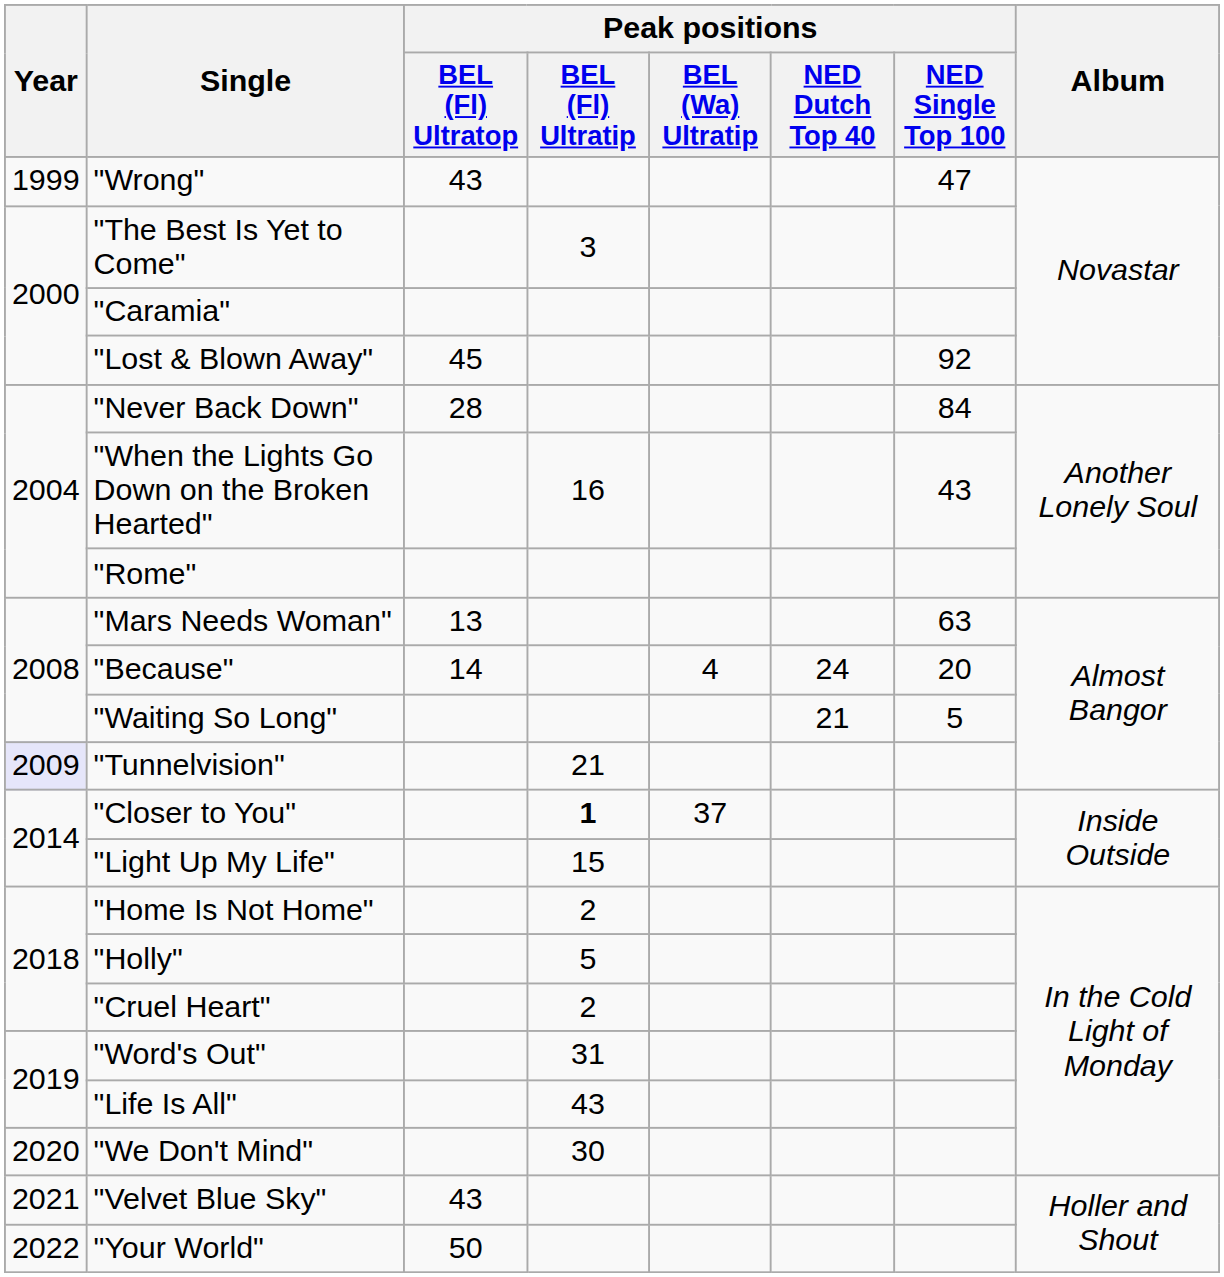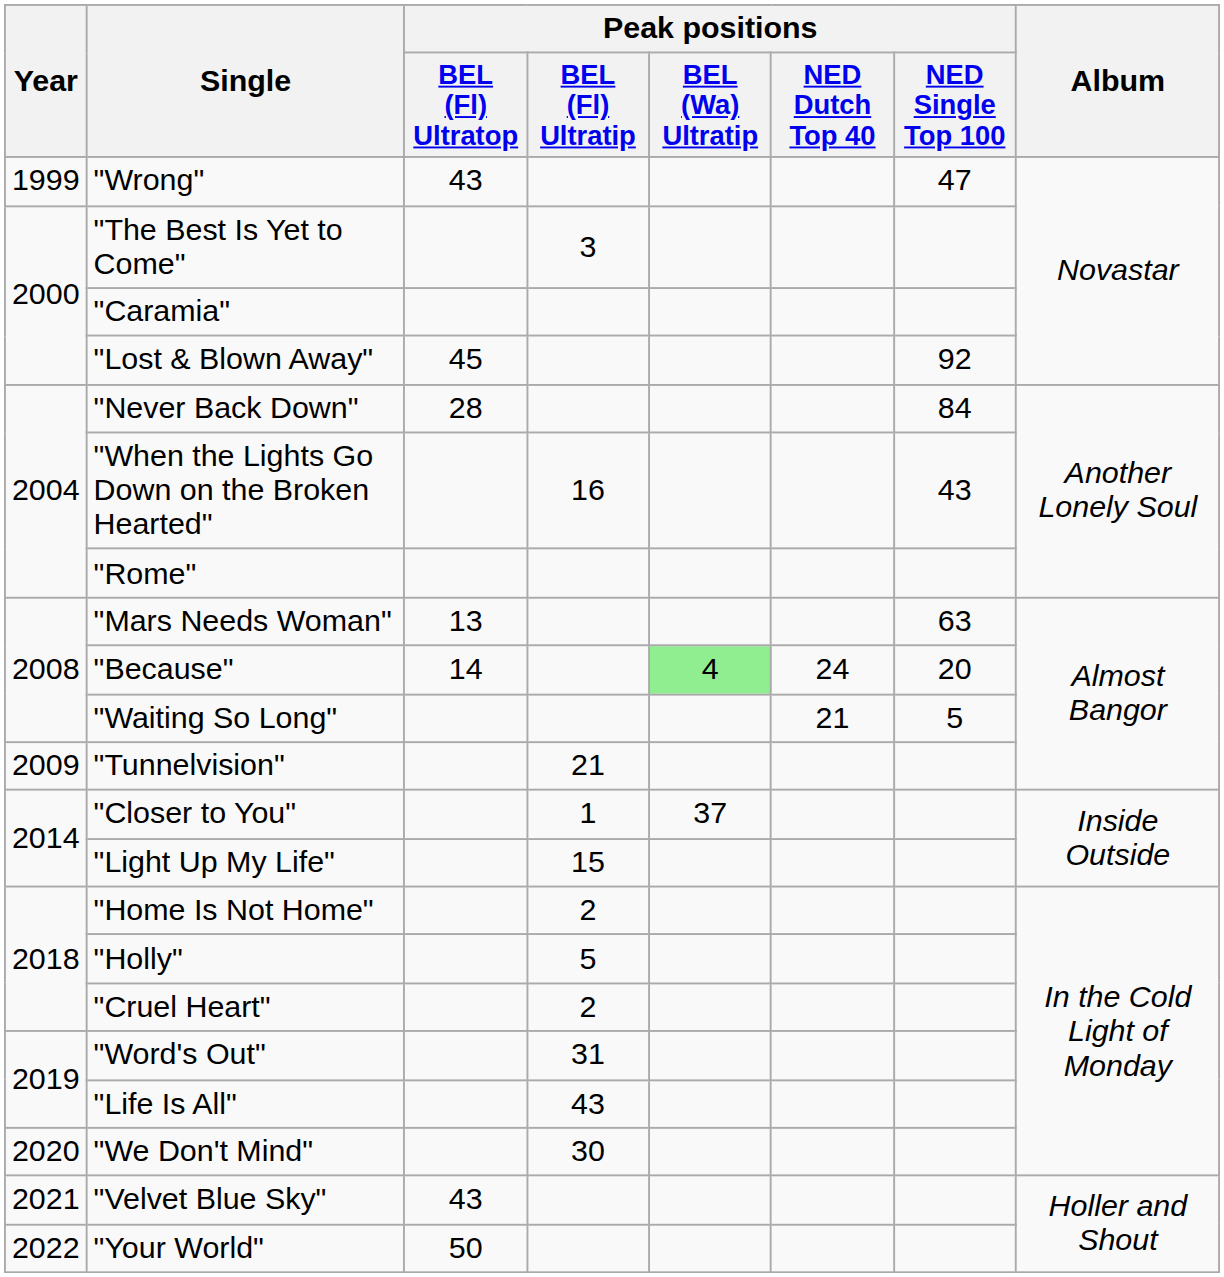 <table class="wikitable">
 <tr>
 <th align="center" rowspan="2" width="10">Year</th>
 <th align="center" rowspan="2" width="160">Single</th>
 <th align="center" colspan="5" width="20">Peak positions</th>
 <th align="center" rowspan="2" width="100">Album</th>
 </tr>
 <tr>
 <th scope="col" style="width:4em;font-size:90%;"><a href='#'>BEL<br>(Fl)<br>Ultratop</a><br></th>
 <th scope="col" style="width:4em;font-size:90%;"><a href='#'>BEL<br>(Fl)<br>Ultratip</a><br></th>
 <th scope="col" style="width:4em;font-size:90%;"><a href='#'>BEL<br>(Wa)<br>Ultratip</a></th>
 <th scope="col" style="width:4em;font-size:90%;"><a href='#'>NED<br>Dutch<br>Top 40</a></th>
 <th scope="col" style="width:4em;font-size:90%;"><a href='#'>NED<br>Single<br>Top 100</a><br></th>
 </tr>
 <tr>
 <td>1999</td>
 <td>"Wrong"</td>
 <td style="text-align:center;">43</td>
 <td style="text-align:center;"></td>
 <td style="text-align:center;"></td>
 <td style="text-align:center;"></td>
 <td style="text-align:center;">47</td>
 <td style="text-align:center;" rowspan=4><em>Novastar</em></td>
 </tr>
 <tr>
 <td rowspan=3>2000</td>
 <td>"The Best Is Yet to Come"</td>
 <td style="text-align:center;"></td>
 <td style="text-align:center;">3</td>
 <td style="text-align:center;"></td>
 <td style="text-align:center;"></td>
 <td style="text-align:center;"></td>
 </tr>
 <tr>
 <td>"Caramia"</td>
 <td style="text-align:center;"></td>
 <td style="text-align:center;"></td>
 <td style="text-align:center;"></td>
 <td style="text-align:center;"></td>
 <td style="text-align:center;"></td>
 </tr>
 <tr>
 <td>"Lost & Blown Away"</td>
 <td style="text-align:center;">45</td>
 <td style="text-align:center;"></td>
 <td style="text-align:center;"></td>
 <td style="text-align:center;"></td>
 <td style="text-align:center;">92</td>
 </tr>
 <tr>
 <td rowspan=3>2004</td>
 <td>"Never Back Down"</td>
 <td style="text-align:center;">28</td>
 <td style="text-align:center;"></td>
 <td style="text-align:center;"></td>
 <td style="text-align:center;"></td>
 <td style="text-align:center;">84</td>
 <td style="text-align:center;" rowspan=3><em>Another Lonely Soul</em></td>
 </tr>
 <tr>
 <td>"When the Lights Go Down on the Broken Hearted"</td>
 <td style="text-align:center;"></td>
 <td style="text-align:center;">16</td>
 <td style="text-align:center;"></td>
 <td style="text-align:center;"></td>
 <td style="text-align:center;">43</td>
 </tr>
 <tr>
 <td>"Rome"</td>
 <td style="text-align:center;"></td>
 <td style="text-align:center;"></td>
 <td style="text-align:center;"></td>
 <td style="text-align:center;"></td>
 <td style="text-align:center;"></td>
 </tr>
 <tr>
 <td rowspan=3>2008</td>
 <td>"Mars Needs Woman"</td>
 <td style="text-align:center;">13</td>
 <td style="text-align:center;"></td>
 <td style="text-align:center;"></td>
 <td style="text-align:center;"></td>
 <td style="text-align:center;">63</td>
 <td style="text-align:center;" rowspan=4><em>Almost Bangor</em></td>
 </tr>
 <tr>
 <td>"Because"</td>
 <td style="text-align:center;">14</td>
 <td style="text-align:center;"></td>
-<td style="text-align:center;">4</td>
+<td style="background: lightgreen; text-align:center;">4</td>
 <td style="text-align:center;">24</td>
 <td style="text-align:center;">20</td>
 </tr>
 <tr>
 <td>"Waiting So Long"</td>
 <td style="text-align:center;"></td>
 <td style="text-align:center;"></td>
 <td style="text-align:center;"></td>
 <td style="text-align:center;">21</td>
 <td style="text-align:center;">5</td>
 </tr>
 <tr>
-<td rowspan=1 style="background: lavender;">2009</td>
+<td rowspan=1>2009</td>
 <td>"Tunnelvision"</td>
 <td style="text-align:center;"></td>
 <td style="text-align:center;">21</td>
 <td style="text-align:center;"></td>
 <td style="text-align:center;"></td>
 <td style="text-align:center;"></td>
 </tr>
 <tr>
 <td rowspan=2>2014</td>
 <td>"Closer to You"</td>
 <td style="text-align:center;"></td>
-<td style="text-align:center;"><strong>1</strong></td>
+<td style="text-align:center;">1</td>
 <td style="text-align:center;">37</td>
 <td style="text-align:center;"></td>
 <td style="text-align:center;"></td>
 <td style="text-align:center;" rowspan=2><em>Inside Outside</em></td>
 </tr>
 <tr>
 <td>"Light Up My Life"</td>
 <td style="text-align:center;"></td>
 <td style="text-align:center;">15</td>
 <td style="text-align:center;"></td>
 <td style="text-align:center;"></td>
 <td style="text-align:center;"></td>
 </tr>
 <tr>
 <td rowspan="3">2018</td>
 <td>"Home Is Not Home"</td>
 <td style="text-align:center;"></td>
 <td style="text-align:center;">2</td>
 <td style="text-align:center;"></td>
 <td style="text-align:center;"></td>
 <td style="text-align:center;"></td>
 <td style="text-align:center;" rowspan="6"><em>In the Cold Light of Monday</em></td>
 </tr>
 <tr>
 <td>"Holly"</td>
 <td style="text-align:center;"></td>
 <td style="text-align:center;">5</td>
 <td style="text-align:center;"></td>
 <td style="text-align:center;"></td>
 <td style="text-align:center;"></td>
 </tr>
 <tr>
 <td>"Cruel Heart"</td>
 <td style="text-align:center;"></td>
 <td style="text-align:center;">2</td>
 <td style="text-align:center;"></td>
 <td style="text-align:center;"></td>
 <td style="text-align:center;"></td>
 </tr>
 <tr>
 <td rowspan="2">2019</td>
 <td>"Word's Out"</td>
 <td style="text-align:center;"></td>
 <td style="text-align:center;">31</td>
 <td style="text-align:center;"></td>
 <td style="text-align:center;"></td>
 <td style="text-align:center;"></td>
 </tr>
 <tr>
 <td>"Life Is All"</td>
 <td style="text-align:center;"></td>
 <td style="text-align:center;">43</td>
 <td style="text-align:center;"></td>
 <td style="text-align:center;"></td>
 <td style="text-align:center;"></td>
 </tr>
 <tr>
 <td>2020</td>
 <td>"We Don't Mind"</td>
 <td style="text-align:center;"></td>
 <td style="text-align:center;">30</td>
 <td style="text-align:center;"></td>
 <td style="text-align:center;"></td>
 <td style="text-align:center;"></td>
 </tr>
 <tr>
 <td>2021</td>
 <td>"Velvet Blue Sky"</td>
 <td style="text-align:center;">43</td>
 <td style="text-align:center;"></td>
 <td style="text-align:center;"></td>
 <td style="text-align:center;"></td>
 <td style="text-align:center;"></td>
 <td style="text-align:center;" rowspan="2"><em>Holler and Shout</em></td>
 </tr>
 <tr>
 <td>2022</td>
 <td>"Your World"</td>
 <td style="text-align:center;">50</td>
 <td style="text-align:center;"></td>
 <td style="text-align:center;"></td>
 <td style="text-align:center;"></td>
 <td style="text-align:center;"></td>
 </tr>
 </table>
